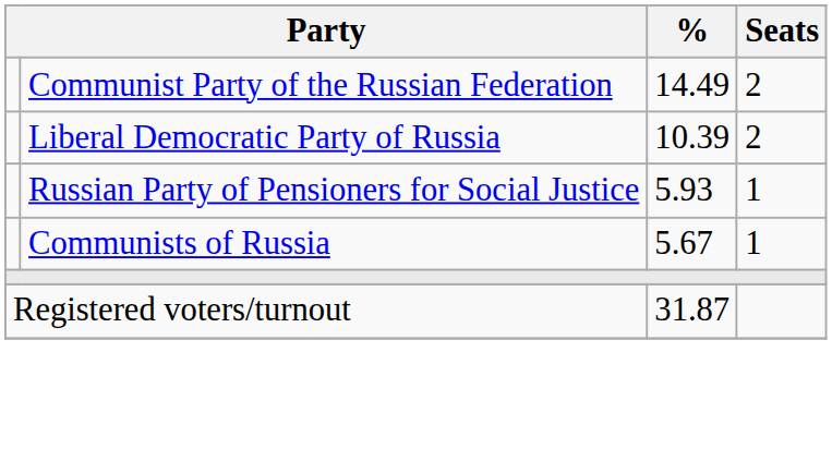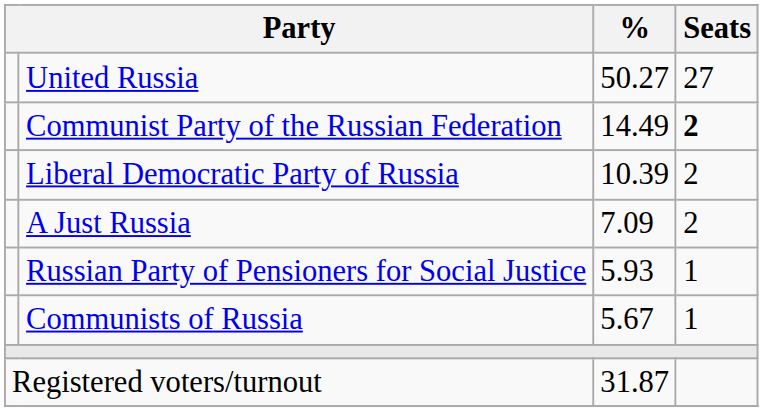 <table class="wikitable">
 <tr>
 <th colspan=2>Party</th>
 <th>%</th>
 <th>Seats</th>
 </tr>
 <tr>
 <td style="background:"></td>
+<td><a href='#'>United Russia</a></td>
+<td>50.27</td>
+<td>27</td>
+</tr>
+<tr>
+<td style="background:"></td>
 <td><a href='#'>Communist Party of the Russian Federation</a></td>
 <td>14.49</td>
-<td>2</td>
+<td><strong>2</strong></td>
 </tr>
 <tr>
 <td style="background:"></td>
 <td><a href='#'>Liberal Democratic Party of Russia</a></td>
 <td>10.39</td>
+<td>2</td>
+</tr>
+<tr>
+<td style="background:"></td>
+<td><a href='#'>A Just Russia</a></td>
+<td>7.09</td>
 <td>2</td>
 </tr>
 <tr>
 <td style="background:"></td>
 <td><a href='#'>Russian Party of Pensioners for Social Justice</a></td>
 <td>5.93</td>
 <td>1</td>
 </tr>
 <tr>
 <td style="background:"></td>
 <td><a href='#'>Communists of Russia</a></td>
 <td>5.67</td>
 <td>1</td>
 </tr>
 <tr>
 <td colspan=4 style="background:#E9E9E9;"></td>
 </tr>
 <tr>
 <td align=left colspan=2>Registered voters/turnout</td>
 <td>31.87</td>
 <td></td>
 </tr>
 <tr>
 </tr>
 </table>
